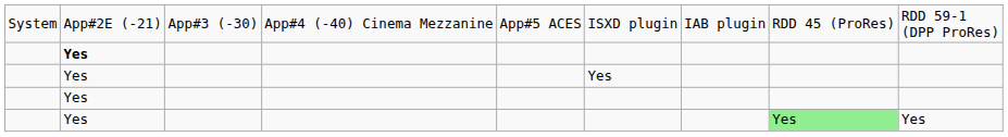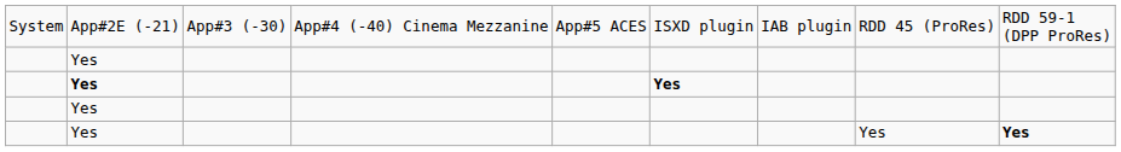 <table class="wikitable">
 <tr>
 <td>System</td>
 <td>App#2E (-21)</td>
 <td>App#3 (-30)</td>
 <td>App#4 (-40) Cinema Mezzanine</td>
 <td>App#5 ACES</td>
 <td>ISXD plugin</td>
 <td>IAB plugin</td>
 <td>RDD 45 (ProRes)</td>
 <td>RDD 59-1<br>(DPP ProRes)</td>
 </tr>
 <tr>
 <td></td>
-<td><strong>Yes</strong></td>
+<td>Yes</td>
 <td></td>
 <td></td>
 <td></td>
 <td></td>
 <td></td>
 <td></td>
 <td></td>
 </tr>
 <tr>
 <td></td>
-<td>Yes</td>
+<td><strong>Yes</strong></td>
 <td></td>
 <td></td>
 <td></td>
-<td>Yes</td>
+<td><strong>Yes</strong></td>
 <td></td>
 <td></td>
 <td></td>
 </tr>
 <tr>
 <td></td>
 <td>Yes</td>
 <td></td>
 <td></td>
 <td></td>
 <td></td>
 <td></td>
 <td></td>
 <td></td>
 </tr>
 <tr>
 <td></td>
 <td>Yes</td>
 <td></td>
 <td></td>
 <td></td>
 <td></td>
 <td></td>
-<td style="background: lightgreen;">Yes</td>
 <td>Yes</td>
+<td><strong>Yes</strong></td>
 </tr>
 </table>
